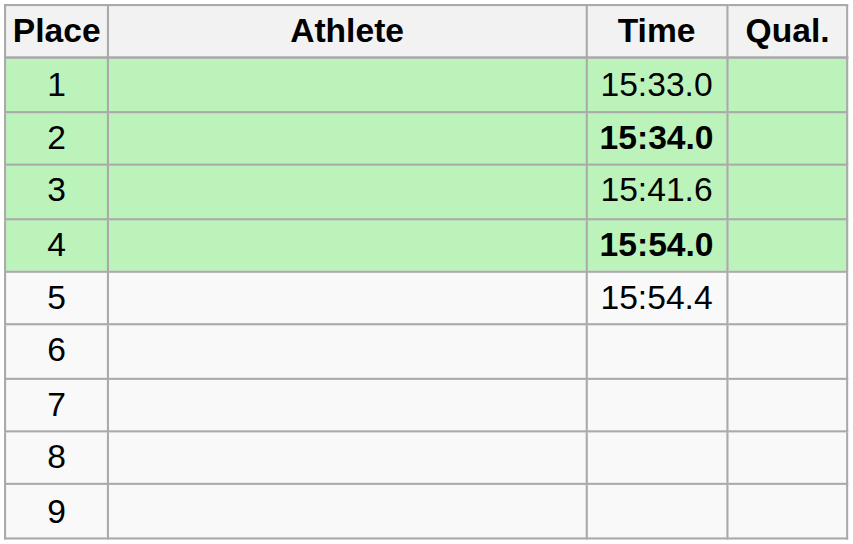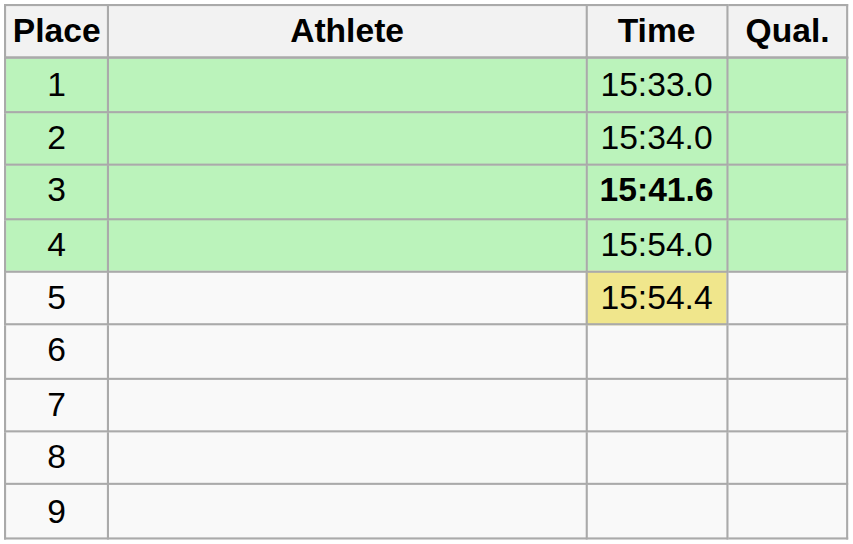 <table class=wikitable style="text-align:center">
 <tr>
 <th width=20>Place</th>
 <th width=220>Athlete</th>
 <th width=60>Time</th>
 <th width=50>Qual.</th>
 </tr>
 <tr>
 </tr>
 <tr bgcolor=bbf3bb>
 <td>1</td>
 <td align=left></td>
 <td>15:33.0</td>
 <td></td>
 </tr>
 <tr bgcolor=bbf3bb>
 <td>2</td>
 <td align=left></td>
-<td><strong>15:34.0</strong></td>
+<td>15:34.0</td>
 <td></td>
 </tr>
 <tr bgcolor=bbf3bb>
 <td>3</td>
 <td align=left></td>
-<td>15:41.6</td>
+<td><strong>15:41.6</strong></td>
 <td></td>
 </tr>
 <tr bgcolor=bbf3bb>
 <td>4</td>
 <td align=left></td>
-<td><strong>15:54.0</strong></td>
+<td>15:54.0</td>
 <td></td>
 </tr>
 <tr>
 <td>5</td>
 <td align=left></td>
-<td>15:54.4</td>
+<td style="background: khaki;">15:54.4</td>
 <td></td>
 </tr>
 <tr>
 <td>6</td>
 <td align=left></td>
 <td></td>
 <td></td>
 </tr>
 <tr>
 <td>7</td>
 <td align=left></td>
 <td></td>
 <td></td>
 </tr>
 <tr>
 <td>8</td>
 <td align=left></td>
 <td></td>
 <td></td>
 </tr>
 <tr>
 <td>9</td>
 <td align=left></td>
 <td></td>
 <td></td>
 </tr>
 </table>
